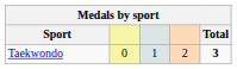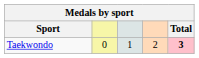 <table class="wikitable" style="font-size:90%; text-align:center;">
 <tr>
 <th colspan="5">Medals by sport</th>
 </tr>
 <tr>
 <th width="120">Sport</th>
 <th scope="col" width="30" style="background:#F7F6A8;"></th>
 <th scope="col" width="30" style="background:#DCE5E5;"></th>
 <th scope="col" width="30" style="background:#FFDAB9;"></th>
 <th width="30">Total</th>
 </tr>
 <tr>
 <td align="left"><a href='#'>Taekwondo</a></td>
 <td style="background:#F7F6A8;">0</td>
 <td style="background:#DCE5E5;">1</td>
 <td style="background:#FFDAB9;">2</td>
-<td><strong>3</strong></td>
+<td style="background: pink;"><strong>3</strong></td>
 </tr>
 </table>
